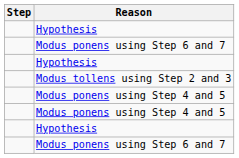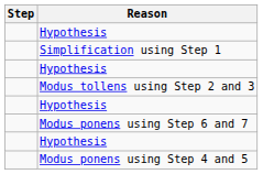 <table class="wikitable">
 <tr>
 <th>Step</th>
 <th>Reason</th>
+</tr>
+<tr>
+<td></td>
+<td><a href='#'>Hypothesis</a></td>
+</tr>
+<tr>
+<td></td>
+<td><a href='#'>Simplification</a> using Step 1</td>
+</tr>
+<tr>
+<td></td>
+<td><a href='#'>Hypothesis</a></td>
+</tr>
+<tr>
+<td></td>
+<td><a href='#'>Modus tollens</a> using Step 2 and 3</td>
 </tr>
 <tr>
 <td></td>
 <td><a href='#'>Hypothesis</a></td>
 </tr>
 <tr>
 <td></td>
 <td><a href='#'>Modus ponens</a> using Step 6 and 7</td>
 </tr>
 <tr>
 <td></td>
 <td><a href='#'>Hypothesis</a></td>
 </tr>
 <tr>
 <td></td>
-<td><a href='#'>Modus tollens</a> using Step 2 and 3</td>
-</tr>
-<tr>
-<td></td>
 <td><a href='#'>Modus ponens</a> using Step 4 and 5</td>
 </tr>
-<tr>
-<td></td>
-<td><a href='#'>Modus ponens</a> using Step 4 and 5</td>
-</tr>
-<tr>
-<td></td>
-<td><a href='#'>Hypothesis</a></td>
-</tr>
-<tr>
-<td></td>
-<td><a href='#'>Modus ponens</a> using Step 6 and 7</td>
-</tr>
 </table>
